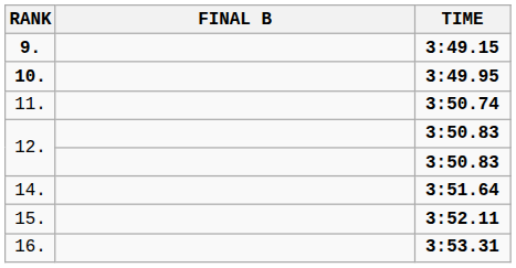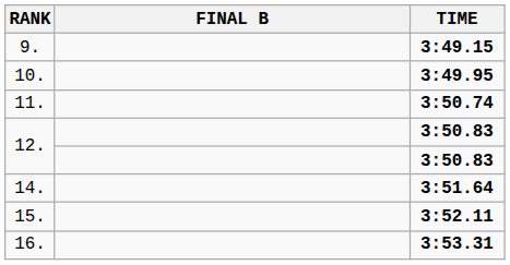 <table class="wikitable">
 <tr>
 <th>RANK</th>
 <th style="width: 20em">FINAL B</th>
 <th style="width: 5em">TIME</th>
 </tr>
 <tr>
-<td align="center"><strong>9.</strong></td>
+<td align="center">9.</td>
 <td></td>
 <td align="center"><strong>3:49.15</strong></td>
 </tr>
 <tr>
-<td align="center"><strong>10.</strong></td>
+<td align="center">10.</td>
 <td></td>
 <td align="center"><strong>3:49.95</strong></td>
 </tr>
 <tr>
 <td align="center">11.</td>
 <td></td>
 <td align="center"><strong>3:50.74</strong></td>
 </tr>
 <tr>
 <td rowspan=2 align="center">12.</td>
 <td></td>
 <td align="center"><strong>3:50.83</strong></td>
 </tr>
 <tr>
 <td></td>
 <td align="center"><strong>3:50.83</strong></td>
 </tr>
 <tr>
 <td align="center">14.</td>
 <td></td>
 <td align="center"><strong>3:51.64</strong></td>
 </tr>
 <tr>
 <td align="center">15.</td>
 <td></td>
 <td align="center"><strong>3:52.11</strong></td>
 </tr>
 <tr>
 <td align="center">16.</td>
 <td></td>
 <td align="center"><strong>3:53.31</strong></td>
 </tr>
 </table>
